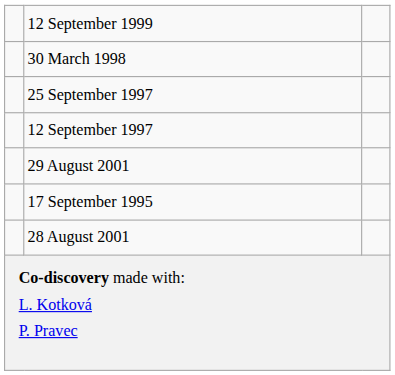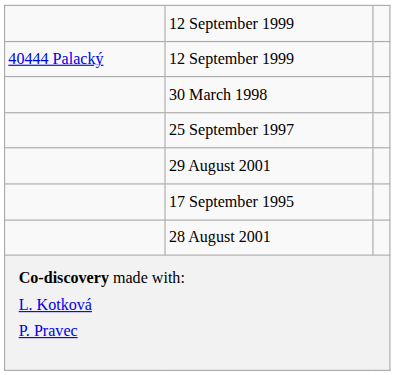 <table class="wikitable" style="font-size: 89%; float: left; width: 24em; margin-right: 1em; line-height: 1.65em !important; height: 324px;">
 <tr>
 <td></td>
+<td>12 September 1999</td>
+<td> </td>
+</tr>
+<tr>
+<td><a href='#'>40444 Palacký</a></td>
 <td>12 September 1999</td>
 <td> </td>
 </tr>
 <tr>
 <td></td>
 <td>30 March 1998</td>
 <td> </td>
 </tr>
 <tr>
 <td></td>
 <td>25 September 1997</td>
-<td> </td>
-</tr>
-<tr>
-<td></td>
-<td>12 September 1997</td>
 <td> </td>
 </tr>
 <tr>
 <td></td>
 <td>29 August 2001</td>
 <td> </td>
 </tr>
 <tr>
 <td></td>
 <td>17 September 1995</td>
 <td></td>
 </tr>
 <tr>
 <td></td>
 <td>28 August 2001</td>
 <td> </td>
 </tr>
 <tr>
 <th colspan=3 style="font-weight: normal; text-align: left; padding: 6px 12px 20px 12px;"><strong>Co-discovery</strong> made with:<br> <a href='#'>L. Kotková</a><br> <a href='#'>P. Pravec</a></th>
 </tr>
 </table>
